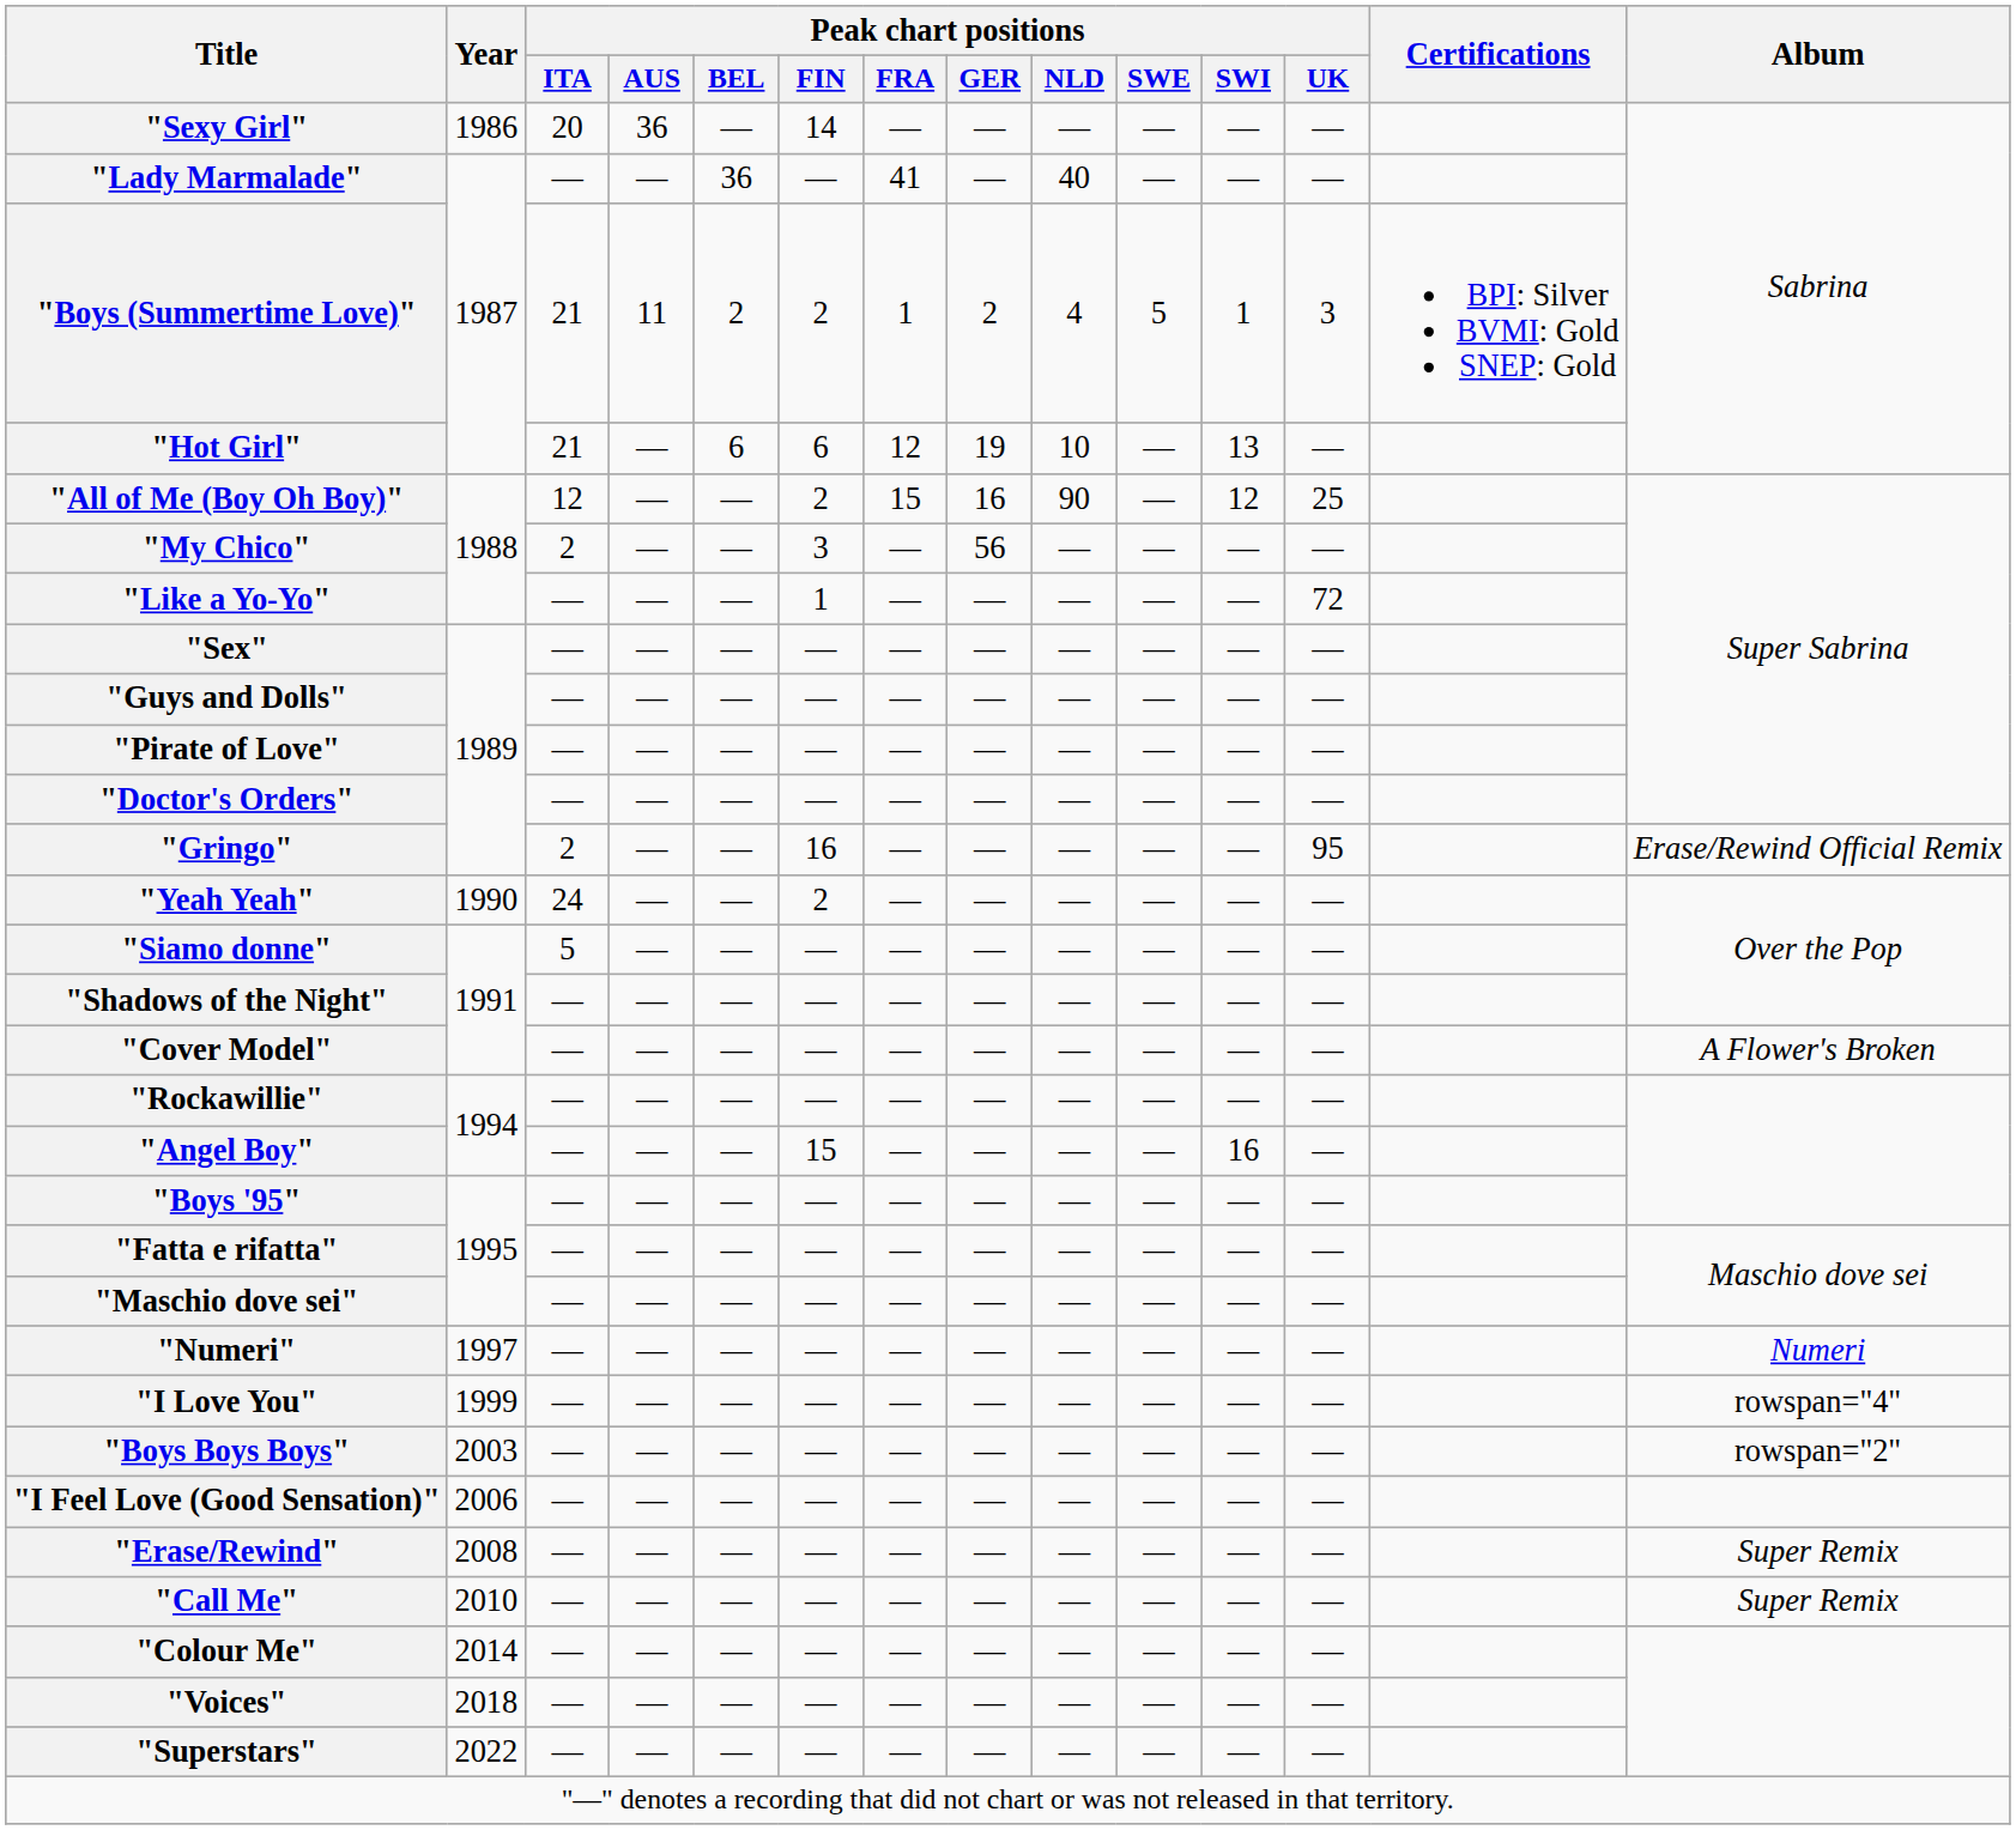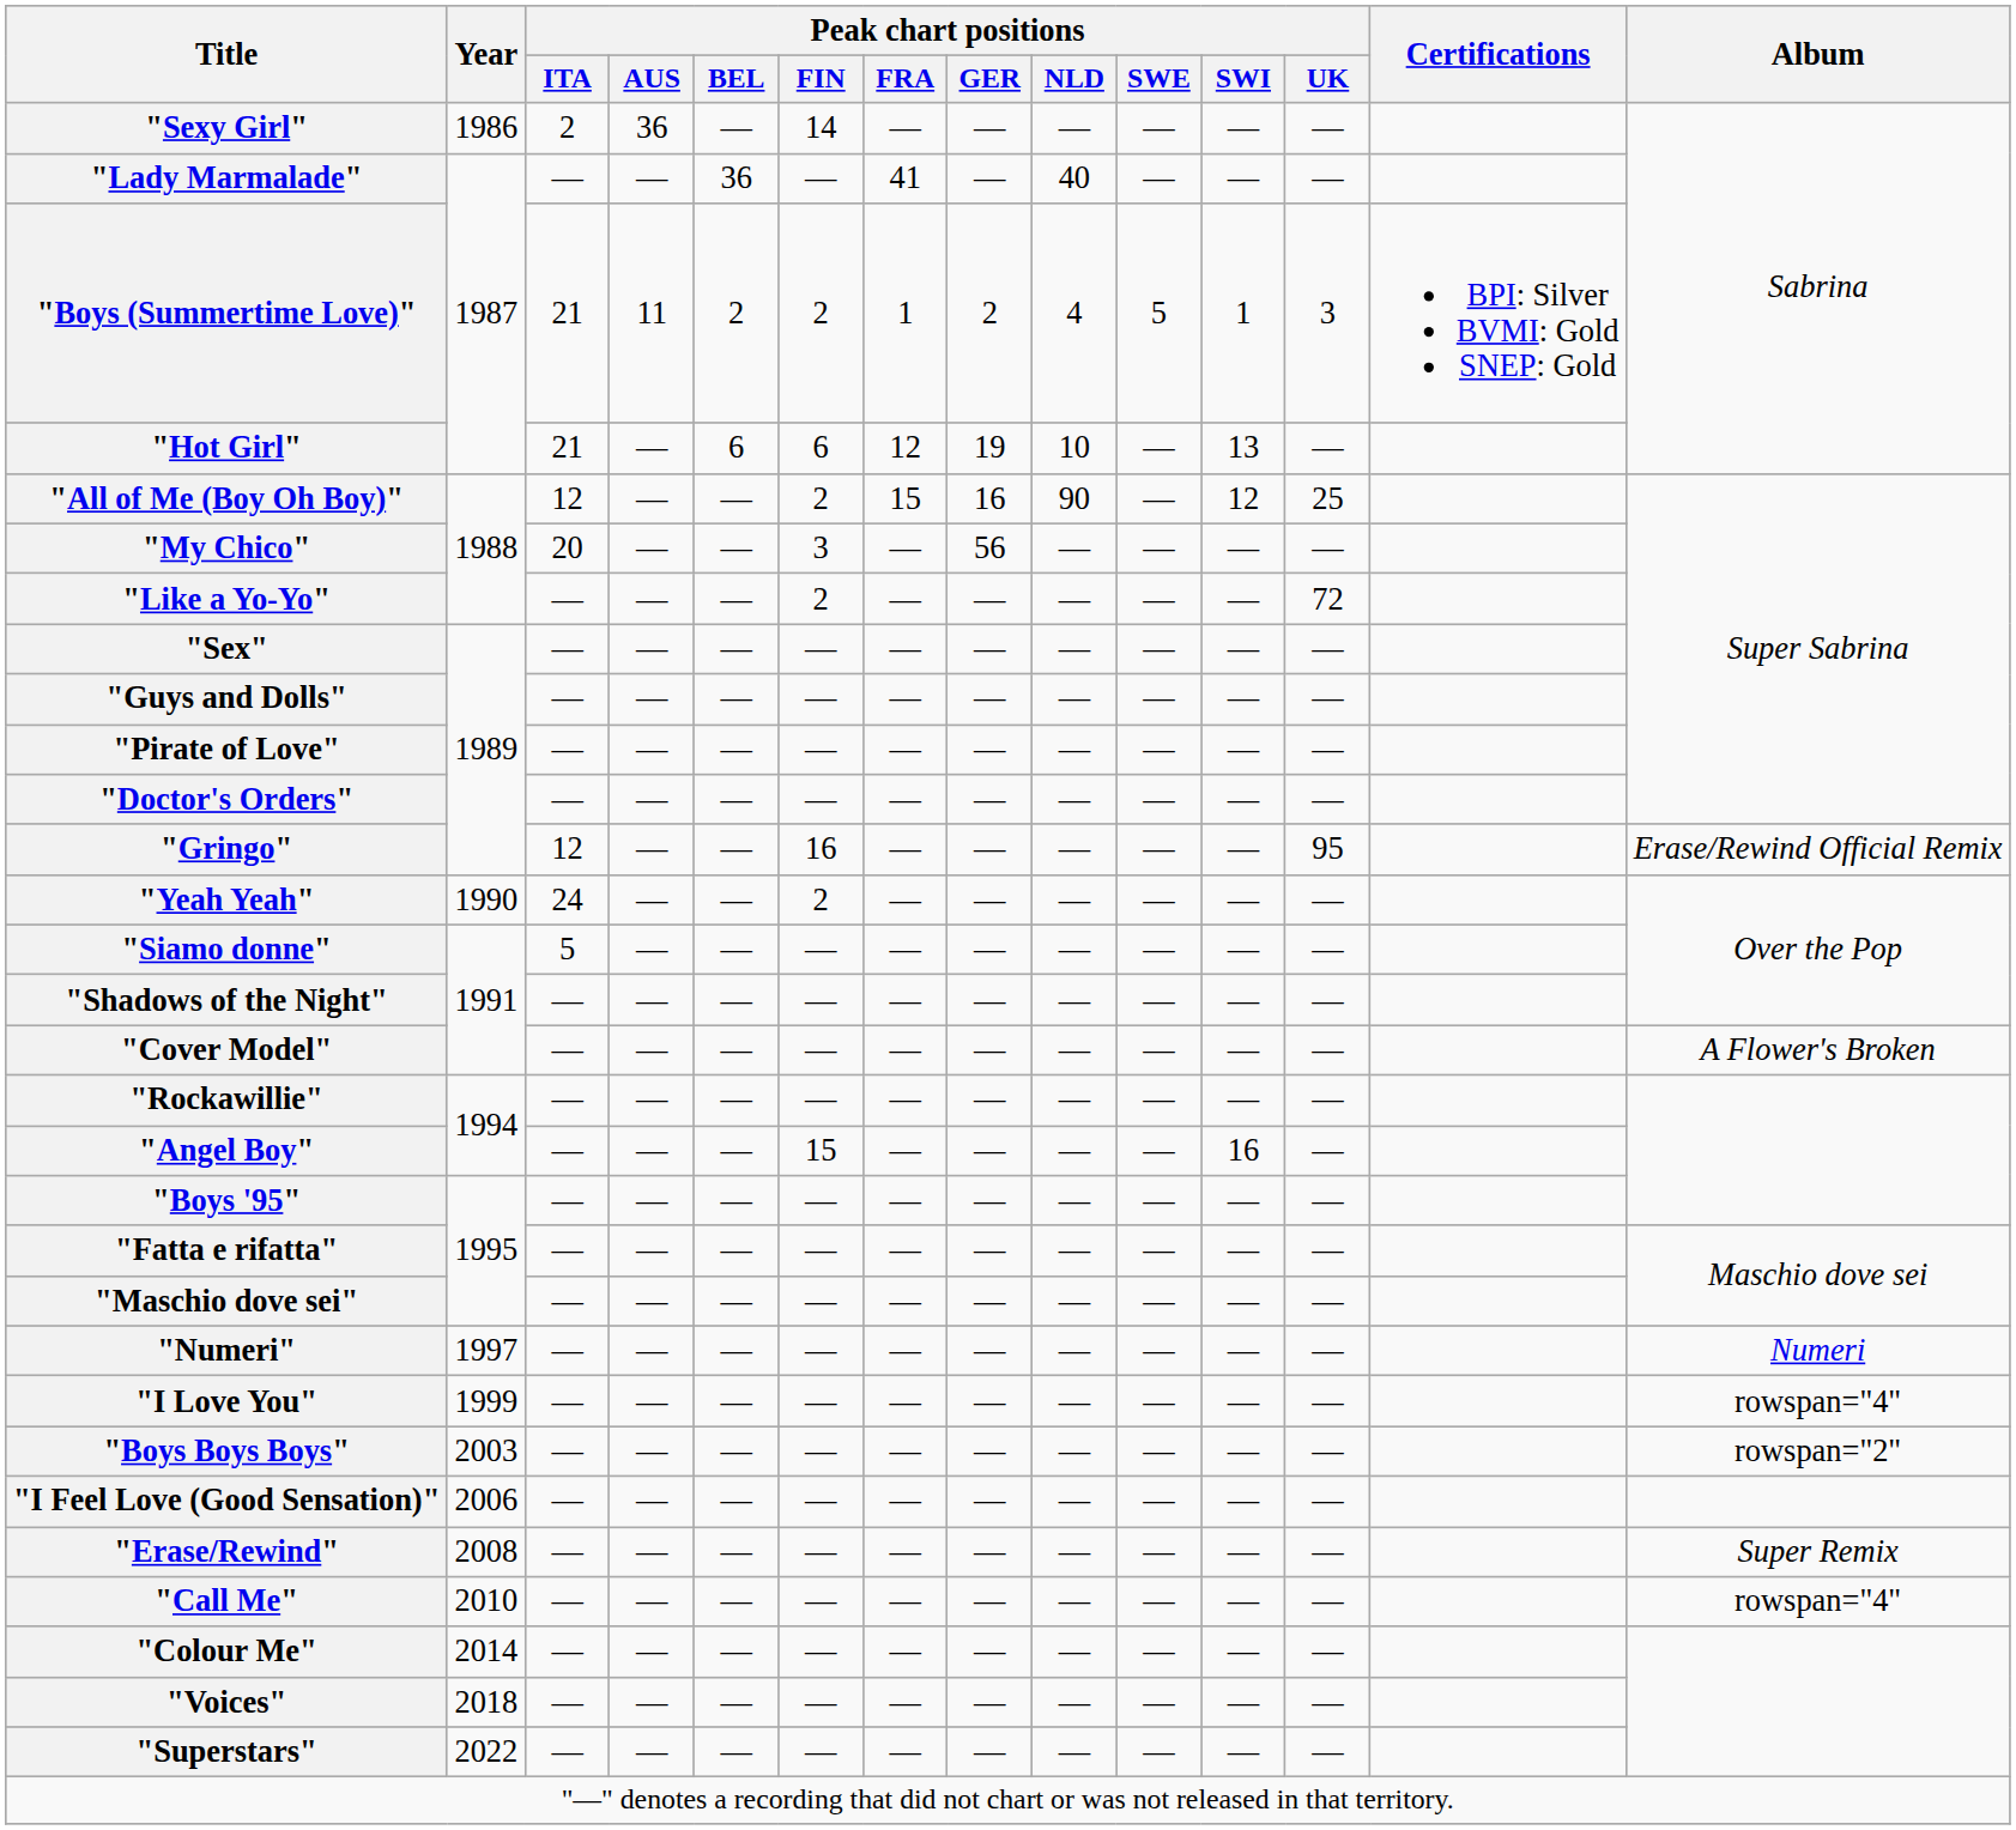 <table class="wikitable plainrowheaders" style="text-align:center;">
 <tr>
 <th scope="col" rowspan="2">Title</th>
 <th scope="col" rowspan="2">Year</th>
 <th scope="col" colspan="10">Peak chart positions</th>
 <th scope="col" rowspan="2"><a href='#'>Certifications</a></th>
 <th scope="col" rowspan="2">Album</th>
 </tr>
 <tr>
 <th scope="col" style="width:2.5em;font-size:90%;"><a href='#'>ITA</a><br></th>
 <th scope="col" style="width:2.5em;font-size:90%;"><a href='#'>AUS</a><br></th>
 <th scope="col" style="width:2.5em;font-size:90%;"><a href='#'>BEL</a><br></th>
 <th scope="col" style="width:2.5em;font-size:90%;"><a href='#'>FIN</a><br></th>
 <th scope="col" style="width:2.5em;font-size:90%;"><a href='#'>FRA</a><br></th>
 <th scope="col" style="width:2.5em;font-size:90%;"><a href='#'>GER</a><br></th>
 <th scope="col" style="width:2.5em;font-size:90%;"><a href='#'>NLD</a><br></th>
 <th scope="col" style="width:2.5em;font-size:90%;"><a href='#'>SWE</a><br></th>
 <th scope="col" style="width:2.5em;font-size:90%;"><a href='#'>SWI</a><br></th>
 <th scope="col" style="width:2.5em;font-size:90%;"><a href='#'>UK</a><br></th>
 </tr>
 <tr>
 <th scope="row">"<a href='#'>Sexy Girl</a>"</th>
 <td>1986</td>
-<td>20</td>
+<td>2</td>
 <td>36</td>
 <td>—</td>
 <td>14</td>
 <td>—</td>
 <td>—</td>
 <td>—</td>
 <td>—</td>
 <td>—</td>
 <td>—</td>
 <td></td>
 <td rowspan="4"><em>Sabrina</em></td>
 </tr>
 <tr>
 <th scope="row">"<a href='#'>Lady Marmalade</a>"</th>
 <td rowspan="3">1987</td>
 <td>—</td>
 <td>—</td>
 <td>36</td>
 <td>—</td>
 <td>41</td>
 <td>—</td>
 <td>40</td>
 <td>—</td>
 <td>—</td>
 <td>—</td>
 <td></td>
 </tr>
 <tr>
 <th scope="row">"<a href='#'>Boys (Summertime Love)</a>"</th>
 <td>21</td>
 <td>11</td>
 <td>2</td>
 <td>2</td>
 <td>1</td>
 <td>2</td>
 <td>4</td>
 <td>5</td>
 <td>1</td>
 <td>3</td>
 <td><br><ul><li><a href='#'>BPI</a>: Silver</li><li><a href='#'>BVMI</a>: Gold</li><li><a href='#'>SNEP</a>: Gold</li></ul></td>
 </tr>
 <tr>
 <th scope="row">"<a href='#'>Hot Girl</a>"</th>
 <td>21</td>
 <td>—</td>
 <td>6</td>
 <td>6</td>
 <td>12</td>
 <td>19</td>
 <td>10</td>
 <td>—</td>
 <td>13</td>
 <td>—</td>
 <td></td>
 </tr>
 <tr>
 <th scope="row">"<a href='#'>All of Me (Boy Oh Boy)</a>"</th>
 <td rowspan="3">1988</td>
 <td>12</td>
 <td>—</td>
 <td>—</td>
 <td>2</td>
 <td>15</td>
 <td>16</td>
 <td>90</td>
 <td>—</td>
 <td>12</td>
 <td>25</td>
 <td></td>
 <td rowspan="7"><em>Super Sabrina</em></td>
 </tr>
 <tr>
 <th scope="row">"<a href='#'>My Chico</a>"</th>
-<td>2</td>
+<td>20</td>
 <td>—</td>
 <td>—</td>
 <td>3</td>
 <td>—</td>
 <td>56</td>
 <td>—</td>
 <td>—</td>
 <td>—</td>
 <td>—</td>
 <td></td>
 </tr>
 <tr>
 <th scope="row">"<a href='#'>Like a Yo-Yo</a>"</th>
 <td>—</td>
 <td>—</td>
 <td>—</td>
-<td>1</td>
+<td>2</td>
 <td>—</td>
 <td>—</td>
 <td>—</td>
 <td>—</td>
 <td>—</td>
 <td>72</td>
 <td></td>
 </tr>
 <tr>
 <th scope="row">"Sex"</th>
 <td rowspan="5">1989</td>
 <td>—</td>
 <td>—</td>
 <td>—</td>
 <td>—</td>
 <td>—</td>
 <td>—</td>
 <td>—</td>
 <td>—</td>
 <td>—</td>
 <td>—</td>
 <td></td>
 </tr>
 <tr>
 <th scope="row">"Guys and Dolls"</th>
 <td>—</td>
 <td>—</td>
 <td>—</td>
 <td>—</td>
 <td>—</td>
 <td>—</td>
 <td>—</td>
 <td>—</td>
 <td>—</td>
 <td>—</td>
 <td></td>
 </tr>
 <tr>
 <th scope="row">"Pirate of Love"</th>
 <td>—</td>
 <td>—</td>
 <td>—</td>
 <td>—</td>
 <td>—</td>
 <td>—</td>
 <td>—</td>
 <td>—</td>
 <td>—</td>
 <td>—</td>
 <td></td>
 </tr>
 <tr>
 <th scope="row">"<a href='#'>Doctor's Orders</a>"</th>
 <td>—</td>
 <td>—</td>
 <td>—</td>
 <td>—</td>
 <td>—</td>
 <td>—</td>
 <td>—</td>
 <td>—</td>
 <td>—</td>
 <td>—</td>
 <td></td>
 </tr>
 <tr>
 <th scope="row">"<a href='#'>Gringo</a>"</th>
-<td>2</td>
+<td>12</td>
 <td>—</td>
 <td>—</td>
 <td>16</td>
 <td>—</td>
 <td>—</td>
 <td>—</td>
 <td>—</td>
 <td>—</td>
 <td>95</td>
 <td></td>
 <td><em>Erase/Rewind Official Remix</em></td>
 </tr>
 <tr>
 <th scope="row">"<a href='#'>Yeah Yeah</a>"</th>
 <td>1990</td>
 <td>24</td>
 <td>—</td>
 <td>—</td>
 <td>2</td>
 <td>—</td>
 <td>—</td>
 <td>—</td>
 <td>—</td>
 <td>—</td>
 <td>—</td>
 <td></td>
 <td rowspan="3"><em>Over the Pop</em></td>
 </tr>
 <tr>
 <th scope="row">"<a href='#'>Siamo donne</a>" </th>
 <td rowspan="3">1991</td>
 <td>5</td>
 <td>—</td>
 <td>—</td>
 <td>—</td>
 <td>—</td>
 <td>—</td>
 <td>—</td>
 <td>—</td>
 <td>—</td>
 <td>—</td>
 <td></td>
 </tr>
 <tr>
 <th scope="row">"Shadows of the Night"</th>
 <td>—</td>
 <td>—</td>
 <td>—</td>
 <td>—</td>
 <td>—</td>
 <td>—</td>
 <td>—</td>
 <td>—</td>
 <td>—</td>
 <td>—</td>
 <td></td>
 </tr>
 <tr>
 <th scope="row">"Cover Model"</th>
 <td>—</td>
 <td>—</td>
 <td>—</td>
 <td>—</td>
 <td>—</td>
 <td>—</td>
 <td>—</td>
 <td>—</td>
 <td>—</td>
 <td>—</td>
 <td></td>
 <td><em>A Flower's Broken</em></td>
 </tr>
 <tr>
 <th scope="row">"Rockawillie"</th>
 <td rowspan="2">1994</td>
 <td>—</td>
 <td>—</td>
 <td>—</td>
 <td>—</td>
 <td>—</td>
 <td>—</td>
 <td>—</td>
 <td>—</td>
 <td>—</td>
 <td>—</td>
 <td></td>
 </tr>
 <tr>
 <th scope="row">"<a href='#'>Angel Boy</a>"</th>
 <td>—</td>
 <td>—</td>
 <td>—</td>
 <td>15</td>
 <td>—</td>
 <td>—</td>
 <td>—</td>
 <td>—</td>
 <td>16</td>
 <td>—</td>
 <td></td>
 </tr>
 <tr>
 <th scope="row">"<a href='#'>Boys '95</a>"</th>
 <td rowspan="3">1995</td>
 <td>—</td>
 <td>—</td>
 <td>—</td>
 <td>—</td>
 <td>—</td>
 <td>—</td>
 <td>—</td>
 <td>—</td>
 <td>—</td>
 <td>—</td>
 <td></td>
 </tr>
 <tr>
 <th scope="row">"Fatta e rifatta"</th>
 <td>—</td>
 <td>—</td>
 <td>—</td>
 <td>—</td>
 <td>—</td>
 <td>—</td>
 <td>—</td>
 <td>—</td>
 <td>—</td>
 <td>—</td>
 <td></td>
 <td rowspan="2"><em>Maschio dove sei</em></td>
 </tr>
 <tr>
 <th scope="row">"Maschio dove sei"</th>
 <td>—</td>
 <td>—</td>
 <td>—</td>
 <td>—</td>
 <td>—</td>
 <td>—</td>
 <td>—</td>
 <td>—</td>
 <td>—</td>
 <td>—</td>
 <td></td>
 </tr>
 <tr>
 <th scope="row">"Numeri"</th>
 <td>1997</td>
 <td>—</td>
 <td>—</td>
 <td>—</td>
 <td>—</td>
 <td>—</td>
 <td>—</td>
 <td>—</td>
 <td>—</td>
 <td>—</td>
 <td>—</td>
 <td></td>
 <td><em><a href='#'>Numeri</a></em></td>
 </tr>
 <tr>
 <th scope="row">"I Love You"</th>
 <td>1999</td>
 <td>—</td>
 <td>—</td>
 <td>—</td>
 <td>—</td>
 <td>—</td>
 <td>—</td>
 <td>—</td>
 <td>—</td>
 <td>—</td>
 <td>—</td>
 <td></td>
 <td>rowspan="4" </td>
 </tr>
 <tr>
 <th scope="row">"<a href='#'>Boys Boys Boys</a>" </th>
 <td>2003</td>
 <td>—</td>
 <td>—</td>
 <td>—</td>
 <td>—</td>
 <td>—</td>
 <td>—</td>
 <td>—</td>
 <td>—</td>
 <td>—</td>
 <td>—</td>
 <td></td>
 <td>rowspan="2" </td>
 </tr>
 <tr>
 <th scope="row">"I Feel Love (Good Sensation)"</th>
 <td>2006</td>
 <td>—</td>
 <td>—</td>
 <td>—</td>
 <td>—</td>
 <td>—</td>
 <td>—</td>
 <td>—</td>
 <td>—</td>
 <td>—</td>
 <td>—</td>
 <td></td>
 </tr>
 <tr>
 <th scope="row">"<a href='#'>Erase/Rewind</a>"</th>
 <td>2008</td>
 <td>—</td>
 <td>—</td>
 <td>—</td>
 <td>—</td>
 <td>—</td>
 <td>—</td>
 <td>—</td>
 <td>—</td>
 <td>—</td>
 <td>—</td>
 <td></td>
 <td><em>Super Remix</em></td>
 </tr>
 <tr>
 <th scope="row">"<a href='#'>Call Me</a>" </th>
 <td>2010</td>
 <td>—</td>
 <td>—</td>
 <td>—</td>
 <td>—</td>
 <td>—</td>
 <td>—</td>
 <td>—</td>
 <td>—</td>
 <td>—</td>
 <td>—</td>
 <td></td>
-<td><em>Super Remix</em></td>
+<td>rowspan="4" </td>
 </tr>
 <tr>
 <th scope="row">"Colour Me"</th>
 <td>2014</td>
 <td>—</td>
 <td>—</td>
 <td>—</td>
 <td>—</td>
 <td>—</td>
 <td>—</td>
 <td>—</td>
 <td>—</td>
 <td>—</td>
 <td>—</td>
 <td></td>
 </tr>
 <tr>
 <th scope="row">"Voices"</th>
 <td>2018</td>
 <td>—</td>
 <td>—</td>
 <td>—</td>
 <td>—</td>
 <td>—</td>
 <td>—</td>
 <td>—</td>
 <td>—</td>
 <td>—</td>
 <td>—</td>
 <td></td>
 </tr>
 <tr>
 <th scope="row">"Superstars" </th>
 <td>2022</td>
 <td>—</td>
 <td>—</td>
 <td>—</td>
 <td>—</td>
 <td>—</td>
 <td>—</td>
 <td>—</td>
 <td>—</td>
 <td>—</td>
 <td>—</td>
 <td></td>
 </tr>
 <tr>
 <td colspan="14" style="font-size:90%">"—" denotes a recording that did not chart or was not released in that territory.</td>
 </tr>
 </table>
